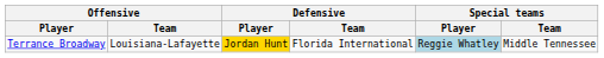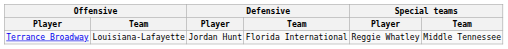 <table class="wikitable">
 <tr>
 <th colspan="2">Offensive</th>
 <th colspan="2">Defensive</th>
 <th colspan="2">Special teams</th>
 </tr>
 <tr>
 <th>Player</th>
 <th>Team</th>
 <th>Player</th>
 <th>Team</th>
 <th>Player</th>
 <th>Team</th>
 </tr>
 <tr>
 <td><a href='#'>Terrance Broadway</a></td>
 <td>Louisiana-Lafayette</td>
-<td style="background: gold;">Jordan Hunt</td>
+<td>Jordan Hunt</td>
 <td>Florida International</td>
-<td style="background: lightblue;">Reggie Whatley</td>
+<td>Reggie Whatley</td>
 <td>Middle Tennessee</td>
 </tr>
 </table>
